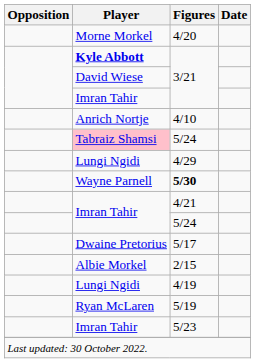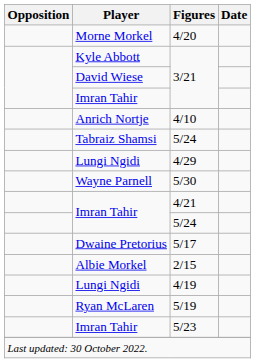 <table class="wikitable sortable">
 <tr>
 <th>Opposition</th>
 <th>Player</th>
 <th>Figures</th>
 <th>Date</th>
 </tr>
 <tr>
 <td></td>
 <td><a href='#'>Morne Morkel</a></td>
 <td>4/20</td>
 <td> </td>
 </tr>
 <tr>
 <td rowspan=3></td>
-<td><strong><a href='#'>Kyle Abbott</a></strong></td>
+<td><a href='#'>Kyle Abbott</a></td>
 <td rowspan=3>3/21</td>
 <td></td>
 </tr>
 <tr>
 <td><a href='#'>David Wiese</a></td>
 <td></td>
 </tr>
 <tr>
 <td><a href='#'>Imran Tahir</a></td>
 <td></td>
 </tr>
 <tr>
 <td></td>
 <td><a href='#'>Anrich Nortje</a></td>
 <td>4/10</td>
 <td></td>
 </tr>
 <tr>
 <td></td>
-<td style="background: pink;"><a href='#'>Tabraiz Shamsi</a></td>
+<td><a href='#'>Tabraiz Shamsi</a></td>
 <td>5/24</td>
 <td></td>
 </tr>
 <tr>
 <td></td>
 <td><a href='#'>Lungi Ngidi</a></td>
 <td>4/29</td>
 <td></td>
 </tr>
 <tr>
 <td></td>
 <td><a href='#'>Wayne Parnell</a></td>
-<td><strong>5/30</strong></td>
+<td>5/30</td>
 <td></td>
 </tr>
 <tr>
 <td></td>
 <td rowspan=2><a href='#'>Imran Tahir</a></td>
 <td>4/21</td>
 <td> </td>
 </tr>
 <tr>
 <td></td>
 <td>5/24</td>
 <td></td>
 </tr>
 <tr>
 <td></td>
 <td><a href='#'>Dwaine Pretorius</a></td>
 <td>5/17</td>
 <td></td>
 </tr>
 <tr>
 <td></td>
 <td><a href='#'>Albie Morkel</a></td>
 <td>2/15</td>
 <td> </td>
 </tr>
 <tr>
 <td></td>
 <td><a href='#'>Lungi Ngidi</a></td>
 <td>4/19</td>
 <td></td>
 </tr>
 <tr>
 <td></td>
 <td><a href='#'>Ryan McLaren</a></td>
 <td>5/19</td>
 <td></td>
 </tr>
 <tr>
 <td></td>
 <td><a href='#'>Imran Tahir</a></td>
 <td>5/23</td>
 <td></td>
 </tr>
 <tr>
 </tr>
 <tr class=sortbottom>
 <td colspan=5><small><em>Last updated: 30 October 2022.</em></small></td>
 </tr>
 </table>
